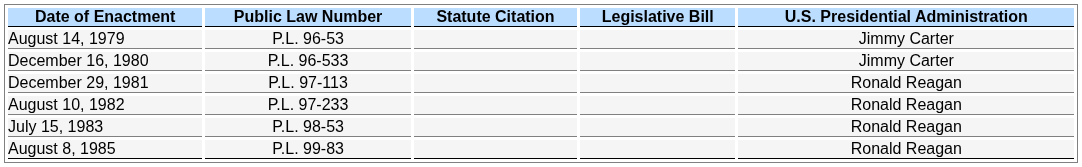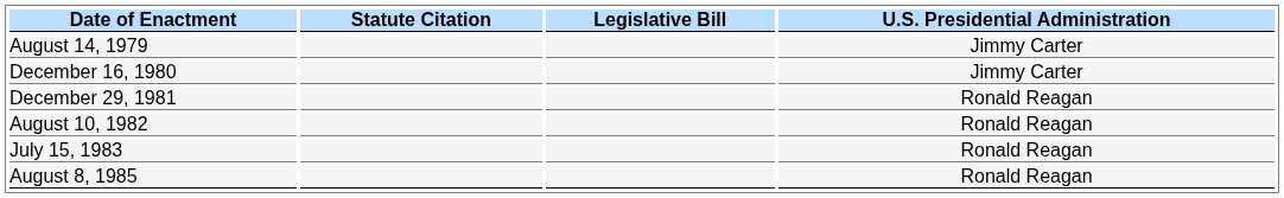 <table style="border:1px solid gray; align:left; width:85%" cellspacing=3 cellpadding=0>
 <tr style="font-weight:bold; text-align:center; background:#bbddff; color:black;">
 <th style=" border-bottom:1.5px solid black">Date of Enactment</th>
-<th style=" border-bottom:1.5px solid black">Public Law Number</th>
 <th style=" border-bottom:1.5px solid black">Statute Citation</th>
 <th style=" border-bottom:1.5px solid black">Legislative Bill</th>
 <th style=" border-bottom:1.5px solid black">U.S. Presidential Administration</th>
 </tr>
 <tr>
 <td style="border-bottom:1px solid gray; background:#F5F5F5;">August 14, 1979</td>
-<td style="border-bottom:1px solid gray; background:#F5F5F5; text-align:center;">P.L. 96-53</td>
 <td style="border-bottom:1px solid gray; background:#F5F5F5; text-align:center;"></td>
 <td style="border-bottom:1px solid gray; background:#F5F5F5; text-align:center;"></td>
 <td style="border-bottom:1px solid gray; background:#F5F5F5; text-align:center;">Jimmy Carter</td>
 </tr>
 <tr>
 <td style="border-bottom:1px solid gray; background:#F5F5F5;">December 16, 1980</td>
-<td style="border-bottom:1px solid gray; background:#F5F5F5; text-align:center;">P.L. 96-533</td>
 <td style="border-bottom:1px solid gray; background:#F5F5F5; text-align:center;"></td>
 <td style="border-bottom:1px solid gray; background:#F5F5F5; text-align:center;"></td>
 <td style="border-bottom:1px solid gray; background:#F5F5F5; text-align:center;">Jimmy Carter</td>
 </tr>
 <tr>
 <td style="border-bottom:1px solid gray; background:#F5F5F5;">December 29, 1981</td>
-<td style="border-bottom:1px solid gray; background:#F5F5F5; text-align:center;">P.L. 97-113</td>
 <td style="border-bottom:1px solid gray; background:#F5F5F5; text-align:center;"></td>
 <td style="border-bottom:1px solid gray; background:#F5F5F5; text-align:center;"></td>
 <td style="border-bottom:1px solid gray; background:#F5F5F5; text-align:center;">Ronald Reagan</td>
 </tr>
 <tr>
 <td style="border-bottom:1px solid gray; background:#F5F5F5;">August 10, 1982</td>
-<td style="border-bottom:1px solid gray; background:#F5F5F5; text-align:center;">P.L. 97-233</td>
 <td style="border-bottom:1px solid gray; background:#F5F5F5; text-align:center;"></td>
 <td style="border-bottom:1px solid gray; background:#F5F5F5; text-align:center;"></td>
 <td style="border-bottom:1px solid gray; background:#F5F5F5; text-align:center;">Ronald Reagan</td>
 </tr>
 <tr>
 <td style="border-bottom:1px solid gray; background:#F5F5F5;">July 15, 1983</td>
-<td style="border-bottom:1px solid gray; background:#F5F5F5; text-align:center;">P.L. 98-53</td>
 <td style="border-bottom:1px solid gray; background:#F5F5F5; text-align:center;"></td>
 <td style="border-bottom:1px solid gray; background:#F5F5F5; text-align:center;"></td>
 <td style="border-bottom:1px solid gray; background:#F5F5F5; text-align:center;">Ronald Reagan</td>
 </tr>
 <tr>
 <td style="border-bottom:1.5px solid black; background:#F5F5F5;">August 8, 1985</td>
-<td style="border-bottom:1.5px solid black; background:#F5F5F5; text-align:center;">P.L. 99-83</td>
 <td style="border-bottom:1.5px solid black; background:#F5F5F5; text-align:center;"></td>
 <td style="border-bottom:1.5px solid black; background:#F5F5F5; text-align:center;"></td>
 <td style="border-bottom:1.5px solid black; background:#F5F5F5; text-align:center;">Ronald Reagan</td>
 </tr>
 </table>
